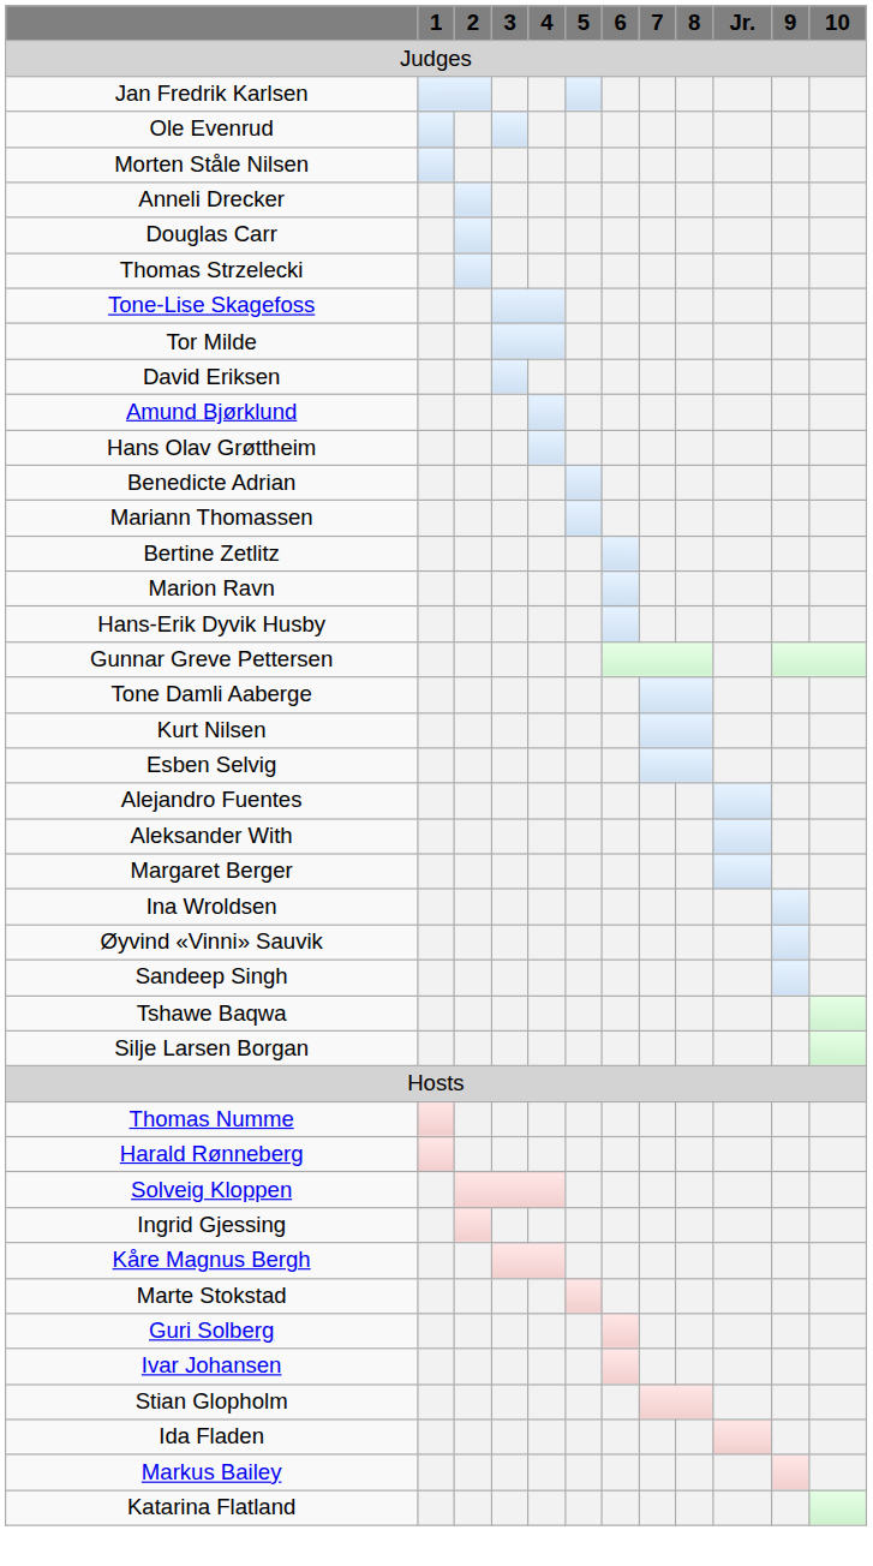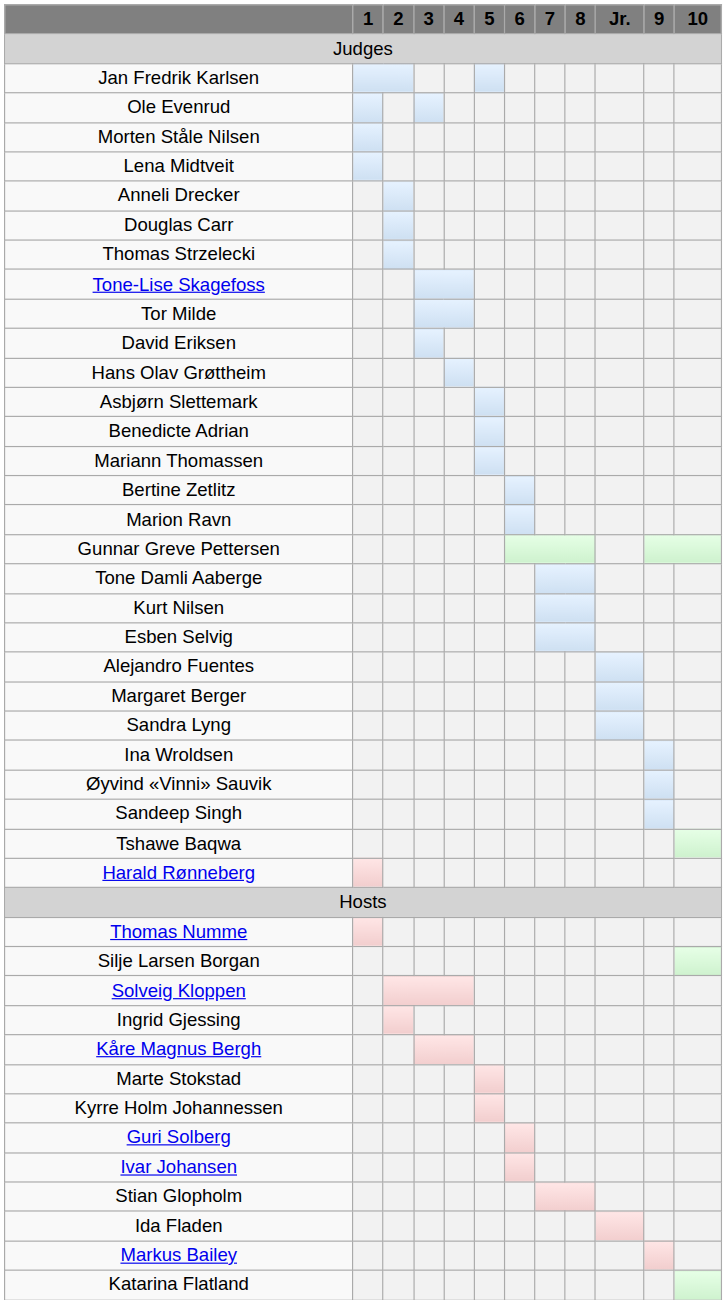 <table class="wikitable" style="text-align: center;" width="70%">
 <tr bgcolor="grey"|>
 <td></td>
 <td><strong>1</strong></td>
 <td><strong>2</strong></td>
 <td><strong>3</strong></td>
 <td><strong>4</strong></td>
 <td><strong>5</strong></td>
 <td><strong>6</strong></td>
 <td><strong>7</strong></td>
 <td><strong>8</strong></td>
 <td><strong>Jr.</strong></td>
 <td><strong>9</strong></td>
 <td><strong>10</strong></td>
 </tr>
 <tr>
 <td colspan="12"bgcolor="lightgrey">Judges</td>
 </tr>
 <tr>
 <td>Jan Fredrik Karlsen</td>
 <th colspan="2"style="background-image: linear-gradient(to bottom, #E6F2FF, #CEE0F2);"></th>
 <th></th>
 <th></th>
 <th style="background-image: linear-gradient(to bottom, #E6F2FF, #CEE0F2);"></th>
 <th></th>
 <th></th>
 <th></th>
 <th></th>
 <th></th>
 <th></th>
 </tr>
 <tr>
 <td>Ole Evenrud</td>
 <th style="background-image: linear-gradient(to bottom, #E6F2FF, #CEE0F2);"></th>
 <th></th>
 <th style="background-image: linear-gradient(to bottom, #E6F2FF, #CEE0F2);"></th>
 <th></th>
 <th></th>
 <th></th>
 <th></th>
 <th></th>
 <th></th>
 <th></th>
 <th></th>
 </tr>
 <tr>
 <td>Morten Ståle Nilsen</td>
+<th style="background-image: linear-gradient(to bottom, #E6F2FF, #CEE0F2);"></th>
+<th></th>
+<th></th>
+<th></th>
+<th></th>
+<th></th>
+<th></th>
+<th></th>
+<th></th>
+<th></th>
+<th></th>
+</tr>
+<tr>
+<td>Lena Midtveit</td>
 <th style="background-image: linear-gradient(to bottom, #E6F2FF, #CEE0F2);"></th>
 <th></th>
 <th></th>
 <th></th>
 <th></th>
 <th></th>
 <th></th>
 <th></th>
 <th></th>
 <th></th>
 <th></th>
 </tr>
 <tr>
 <td>Anneli Drecker</td>
 <th></th>
 <th style="background-image: linear-gradient(to bottom, #E6F2FF, #CEE0F2);"></th>
 <th></th>
 <th></th>
 <th></th>
 <th></th>
 <th></th>
 <th></th>
 <th></th>
 <th></th>
 <th></th>
 </tr>
 <tr>
 <td>Douglas Carr</td>
 <th></th>
 <th style="background-image: linear-gradient(to bottom, #E6F2FF, #CEE0F2);"></th>
 <th></th>
 <th></th>
 <th></th>
 <th></th>
 <th></th>
 <th></th>
 <th></th>
 <th></th>
 <th></th>
 </tr>
 <tr>
 <td>Thomas Strzelecki</td>
 <th></th>
 <th style="background-image: linear-gradient(to bottom, #E6F2FF, #CEE0F2);"></th>
 <th></th>
 <th></th>
 <th></th>
 <th></th>
 <th></th>
 <th></th>
 <th></th>
 <th></th>
 <th></th>
 </tr>
 <tr>
 <td><a href='#'>Tone-Lise Skagefoss</a></td>
 <th></th>
 <th></th>
 <th colspan="2" style="background-image: linear-gradient(to bottom, #E6F2FF, #CEE0F2);"></th>
 <th></th>
 <th></th>
 <th></th>
 <th></th>
 <th></th>
 <th></th>
 <th></th>
 </tr>
 <tr>
 <td>Tor Milde</td>
 <th></th>
 <th></th>
 <th colspan="2" style="background-image: linear-gradient(to bottom, #E6F2FF, #CEE0F2);"></th>
 <th></th>
 <th></th>
 <th></th>
 <th></th>
 <th></th>
 <th></th>
 <th></th>
 </tr>
 <tr>
 <td>David Eriksen</td>
 <th></th>
 <th></th>
 <th style="background-image: linear-gradient(to bottom, #E6F2FF, #CEE0F2);"></th>
 <th></th>
 <th></th>
 <th></th>
 <th></th>
 <th></th>
 <th></th>
 <th></th>
 <th></th>
 </tr>
 <tr>
-<td><a href='#'>Amund Bjørklund</a></td>
+<td>Hans Olav Grøttheim</td>
 <th></th>
 <th></th>
 <th></th>
 <th style="background-image: linear-gradient(to bottom, #E6F2FF, #CEE0F2);"></th>
 <th></th>
 <th></th>
 <th></th>
 <th></th>
 <th></th>
 <th></th>
 <th></th>
 </tr>
 <tr>
-<td>Hans Olav Grøttheim</td>
+<td>Asbjørn Slettemark</td>
+<th></th>
 <th></th>
 <th></th>
 <th></th>
 <th style="background-image: linear-gradient(to bottom, #E6F2FF, #CEE0F2);"></th>
-<th></th>
 <th></th>
 <th></th>
 <th></th>
 <th></th>
 <th></th>
 <th></th>
 </tr>
 <tr>
 <td>Benedicte Adrian</td>
 <th></th>
 <th></th>
 <th></th>
 <th></th>
 <th style="background-image: linear-gradient(to bottom, #E6F2FF, #CEE0F2);"></th>
 <th></th>
 <th></th>
 <th></th>
 <th></th>
 <th></th>
 <th></th>
 </tr>
 <tr>
 <td>Mariann Thomassen</td>
 <th></th>
 <th></th>
 <th></th>
 <th></th>
 <th style="background-image: linear-gradient(to bottom, #E6F2FF, #CEE0F2);"></th>
 <th></th>
 <th></th>
 <th></th>
 <th></th>
 <th></th>
 <th></th>
 </tr>
 <tr>
 <td>Bertine Zetlitz</td>
 <th></th>
 <th></th>
 <th></th>
 <th></th>
 <th></th>
 <th style="background-image: linear-gradient(to bottom, #E6F2FF, #CEE0F2);"></th>
 <th></th>
 <th></th>
 <th></th>
 <th></th>
 <th></th>
 </tr>
 <tr>
 <td>Marion Ravn</td>
-<th></th>
-<th></th>
-<th></th>
-<th></th>
-<th></th>
-<th style="background-image: linear-gradient(to bottom, #E6F2FF, #CEE0F2);"></th>
-<th></th>
-<th></th>
-<th></th>
-<th></th>
-<th></th>
-</tr>
-<tr>
-<td>Hans-Erik Dyvik Husby</td>
 <th></th>
 <th></th>
 <th></th>
 <th></th>
 <th></th>
 <th style="background-image: linear-gradient(to bottom, #E6F2FF, #CEE0F2);"></th>
 <th></th>
 <th></th>
 <th></th>
 <th></th>
 <th></th>
 </tr>
 <tr>
 <td>Gunnar Greve Pettersen</td>
 <th></th>
 <th></th>
 <th></th>
 <th></th>
 <th></th>
 <th colspan="3"style="background-image: linear-gradient(to bottom, #E6FFE6, #CEF2CE);"></th>
 <th></th>
 <th colspan="2"style="background-image: linear-gradient(to bottom, #E6FFE6, #CEF2CE);"></th>
 </tr>
 <tr>
 <td>Tone Damli Aaberge</td>
 <th></th>
 <th></th>
 <th></th>
 <th></th>
 <th></th>
 <th></th>
 <th colspan="2" style="background-image: linear-gradient(to bottom, #E6F2FF, #CEE0F2);"></th>
 <th></th>
 <th></th>
 <th></th>
 </tr>
 <tr>
 <td>Kurt Nilsen</td>
 <th></th>
 <th></th>
 <th></th>
 <th></th>
 <th></th>
 <th></th>
 <th colspan="2" style="background-image: linear-gradient(to bottom, #E6F2FF, #CEE0F2);"></th>
 <th></th>
 <th></th>
 <th></th>
 </tr>
 <tr>
 <td>Esben Selvig</td>
 <th></th>
 <th></th>
 <th></th>
 <th></th>
 <th></th>
 <th></th>
 <th colspan="2" style="background-image: linear-gradient(to bottom, #E6F2FF, #CEE0F2);"></th>
 <th></th>
 <th></th>
 <th></th>
 </tr>
 <tr>
 <td>Alejandro Fuentes</td>
 <th></th>
 <th></th>
 <th></th>
 <th></th>
 <th></th>
 <th></th>
 <th></th>
 <th></th>
 <th style="background-image: linear-gradient(to bottom, #E6F2FF, #CEE0F2);"></th>
 <th></th>
 <th></th>
 </tr>
 <tr>
-<td>Aleksander With</td>
+<td>Margaret Berger</td>
 <th></th>
 <th></th>
 <th></th>
 <th></th>
 <th></th>
 <th></th>
 <th></th>
 <th></th>
 <th style="background-image: linear-gradient(to bottom, #E6F2FF, #CEE0F2);"></th>
 <th></th>
 <th></th>
 </tr>
 <tr>
-<td>Margaret Berger</td>
+<td>Sandra Lyng</td>
 <th></th>
 <th></th>
 <th></th>
 <th></th>
 <th></th>
 <th></th>
 <th></th>
 <th></th>
 <th style="background-image: linear-gradient(to bottom, #E6F2FF, #CEE0F2);"></th>
 <th></th>
 <th></th>
 </tr>
 <tr>
 <td>Ina Wroldsen</td>
 <th></th>
 <th></th>
 <th></th>
 <th></th>
 <th></th>
 <th></th>
 <th></th>
 <th></th>
 <th></th>
 <th style="background-image: linear-gradient(to bottom, #E6F2FF, #CEE0F2);"></th>
 <th></th>
 </tr>
 <tr>
 <td>Øyvind «Vinni» Sauvik</td>
 <th></th>
 <th></th>
 <th></th>
 <th></th>
 <th></th>
 <th></th>
 <th></th>
 <th></th>
 <th></th>
 <th style="background-image: linear-gradient(to bottom, #E6F2FF, #CEE0F2);"></th>
 <th></th>
 </tr>
 <tr>
 <td>Sandeep Singh</td>
 <th></th>
 <th></th>
 <th></th>
 <th></th>
 <th></th>
 <th></th>
 <th></th>
 <th></th>
 <th></th>
 <th style="background-image: linear-gradient(to bottom, #E6F2FF, #CEE0F2);"></th>
 <th></th>
 </tr>
 <tr>
 <td>Tshawe Baqwa</td>
 <th></th>
 <th></th>
 <th></th>
 <th></th>
 <th></th>
 <th></th>
 <th></th>
 <th></th>
 <th></th>
 <th></th>
 <th style="background-image: linear-gradient(to bottom, #E6FFE6, #CEF2CE);"></th>
 </tr>
 <tr>
-<td>Silje Larsen Borgan</td>
+<td><a href='#'>Harald Rønneberg</a></td>
+<th style="background-image: linear-gradient(to bottom, #FFE6E6, #F2CECE);"></th>
 <th></th>
 <th></th>
 <th></th>
 <th></th>
 <th></th>
 <th></th>
 <th></th>
 <th></th>
 <th></th>
 <th></th>
-<th style="background-image: linear-gradient(to bottom, #E6FFE6, #CEF2CE);"></th>
 </tr>
 <tr>
 <td colspan="12"bgcolor="lightgrey">Hosts</td>
 </tr>
 <tr>
 <td><a href='#'>Thomas Numme</a></td>
 <th style="background-image: linear-gradient(to bottom, #FFE6E6, #F2CECE);"></th>
 <th></th>
 <th></th>
 <th></th>
 <th></th>
 <th></th>
 <th></th>
 <th></th>
 <th></th>
 <th></th>
 <th></th>
 </tr>
 <tr>
-<td><a href='#'>Harald Rønneberg</a></td>
-<th style="background-image: linear-gradient(to bottom, #FFE6E6, #F2CECE);"></th>
+<td>Silje Larsen Borgan</td>
 <th></th>
 <th></th>
 <th></th>
 <th></th>
 <th></th>
 <th></th>
 <th></th>
 <th></th>
 <th></th>
 <th></th>
+<th style="background-image: linear-gradient(to bottom, #E6FFE6, #CEF2CE);"></th>
 </tr>
 <tr>
 <td><a href='#'>Solveig Kloppen</a></td>
 <th></th>
 <th colspan="3"style="background-image: linear-gradient(to bottom, #FFE6E6, #F2CECE);"></th>
 <th></th>
 <th></th>
 <th></th>
 <th></th>
 <th></th>
 <th></th>
 <th></th>
 </tr>
 <tr>
 <td>Ingrid Gjessing</td>
 <th></th>
 <th style="background-image: linear-gradient(to bottom, #FFE6E6, #F2CECE);"></th>
 <th></th>
 <th></th>
 <th></th>
 <th></th>
 <th></th>
 <th></th>
 <th></th>
 <th></th>
 <th></th>
 </tr>
 <tr>
 <td><a href='#'>Kåre Magnus Bergh</a></td>
 <th></th>
 <th></th>
 <th colspan="2"style="background-image: linear-gradient(to bottom, #FFE6E6, #F2CECE);"></th>
 <th></th>
 <th></th>
 <th></th>
 <th></th>
 <th></th>
 <th></th>
 <th></th>
 </tr>
 <tr>
 <td>Marte Stokstad</td>
+<th></th>
+<th></th>
+<th></th>
+<th></th>
+<th style="background-image: linear-gradient(to bottom, #FFE6E6, #F2CECE);"></th>
+<th></th>
+<th></th>
+<th></th>
+<th></th>
+<th></th>
+<th></th>
+</tr>
+<tr>
+<td>Kyrre Holm Johannessen</td>
 <th></th>
 <th></th>
 <th></th>
 <th></th>
 <th style="background-image: linear-gradient(to bottom, #FFE6E6, #F2CECE);"></th>
 <th></th>
 <th></th>
 <th></th>
 <th></th>
 <th></th>
 <th></th>
 </tr>
 <tr>
 <td><a href='#'>Guri Solberg</a></td>
 <th></th>
 <th></th>
 <th></th>
 <th></th>
 <th></th>
 <th style="background-image: linear-gradient(to bottom, #FFE6E6, #F2CECE);"></th>
 <th></th>
 <th></th>
 <th></th>
 <th></th>
 <th></th>
 </tr>
 <tr>
 <td><a href='#'>Ivar Johansen</a></td>
 <th></th>
 <th></th>
 <th></th>
 <th></th>
 <th></th>
 <th style="background-image: linear-gradient(to bottom, #FFE6E6, #F2CECE);"></th>
 <th></th>
 <th></th>
 <th></th>
 <th></th>
 <th></th>
 </tr>
 <tr>
 <td>Stian Glopholm</td>
 <th></th>
 <th></th>
 <th></th>
 <th></th>
 <th></th>
 <th></th>
 <th colspan="2"style="background-image: linear-gradient(to bottom, #FFE6E6, #F2CECE);"></th>
 <th></th>
 <th></th>
 <th></th>
 </tr>
 <tr>
 <td>Ida Fladen</td>
 <th></th>
 <th></th>
 <th></th>
 <th></th>
 <th></th>
 <th></th>
 <th></th>
 <th></th>
 <th style="background-image: linear-gradient(to bottom, #FFE6E6, #F2CECE);"></th>
 <th></th>
 <th></th>
 </tr>
 <tr>
 <td><a href='#'>Markus Bailey</a></td>
 <th></th>
 <th></th>
 <th></th>
 <th></th>
 <th></th>
 <th></th>
 <th></th>
 <th></th>
 <th></th>
 <th style="background-image: linear-gradient(to bottom, #FFE6E6, #F2CECE);"></th>
 <th></th>
 </tr>
 <tr>
 <td>Katarina Flatland</td>
 <th></th>
 <th></th>
 <th></th>
 <th></th>
 <th></th>
 <th></th>
 <th></th>
 <th></th>
 <th></th>
 <th></th>
 <th style="background-image: linear-gradient(to bottom, #E6FFE6, #CEF2CE);"></th>
 </tr>
 </table>
